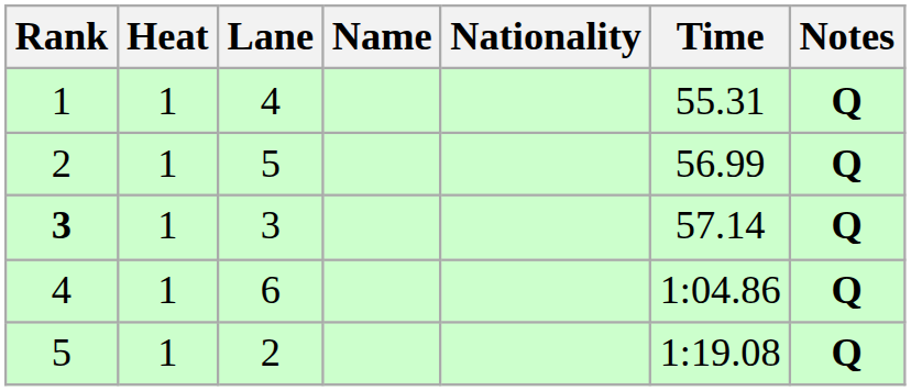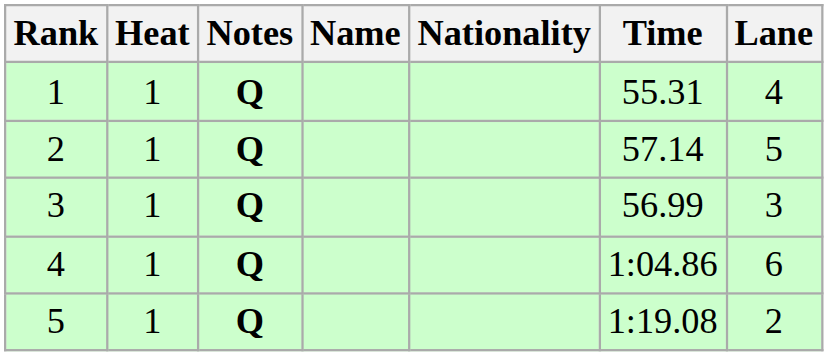 <table class="wikitable sortable" style="text-align:center">
 <tr>
 <th>Rank</th>
 <th>Heat</th>
-<th>Lane</th>
+<th>Notes</th>
 <th>Name</th>
 <th>Nationality</th>
 <th>Time</th>
-<th>Notes</th>
+<th>Lane</th>
 </tr>
 <tr bgcolor=ccffcc>
 <td>1</td>
 <td>1</td>
-<td>4</td>
+<td><strong>Q</strong></td>
 <td align=left></td>
 <td align=left></td>
 <td>55.31</td>
-<td><strong>Q</strong></td>
+<td>4</td>
 </tr>
 <tr bgcolor=ccffcc>
 <td>2</td>
 <td>1</td>
+<td><strong>Q</strong></td>
+<td align=left></td>
+<td align=left></td>
+<td>57.14</td>
 <td>5</td>
+</tr>
+<tr bgcolor=ccffcc>
+<td>3</td>
+<td>1</td>
+<td><strong>Q</strong></td>
 <td align=left></td>
 <td align=left></td>
 <td>56.99</td>
-<td><strong>Q</strong></td>
-</tr>
-<tr bgcolor=ccffcc>
-<td><strong>3</strong></td>
-<td>1</td>
 <td>3</td>
-<td align=left></td>
-<td align=left></td>
-<td>57.14</td>
-<td><strong>Q</strong></td>
 </tr>
 <tr bgcolor=ccffcc>
 <td>4</td>
 <td>1</td>
-<td>6</td>
+<td><strong>Q</strong></td>
 <td align=left></td>
 <td align=left></td>
 <td>1:04.86</td>
-<td><strong>Q</strong></td>
+<td>6</td>
 </tr>
 <tr bgcolor=ccffcc>
 <td>5</td>
 <td>1</td>
-<td>2</td>
+<td><strong>Q</strong></td>
 <td align=left></td>
 <td align=left></td>
 <td>1:19.08</td>
-<td><strong>Q</strong></td>
+<td>2</td>
 </tr>
 </table>
